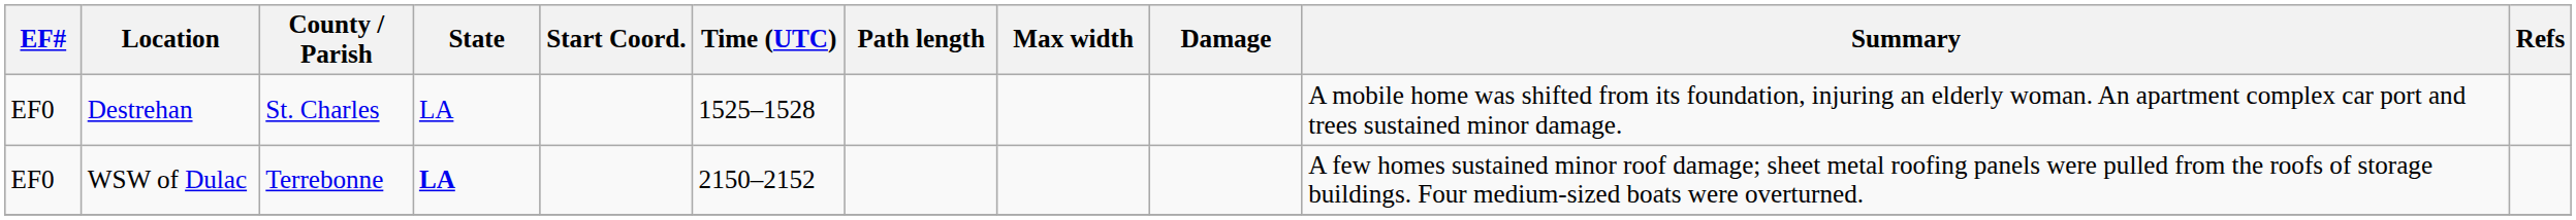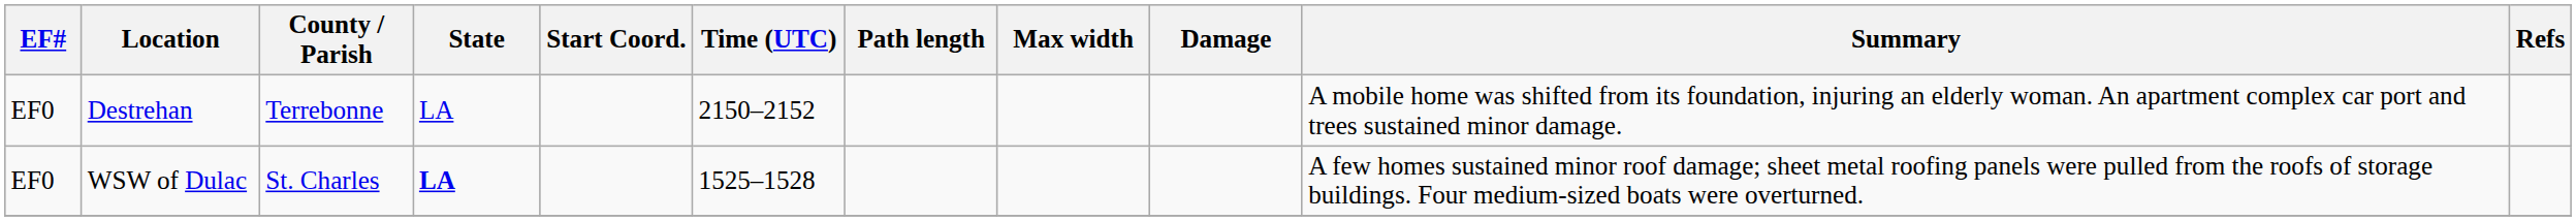 <table class="wikitable sortable" style="width:100%;">
 <tr>
 <th scope="col" width="3%" align="center"><a href='#'>EF#</a></th>
 <th scope="col" width="7%" align="center" class="unsortable">Location</th>
 <th scope="col" width="6%" align="center" class="unsortable">County / Parish</th>
 <th scope="col" width="5%" align="center">State</th>
 <th scope="col" width="6%" align="center">Start Coord.</th>
 <th scope="col" width="6%" align="center">Time (<a href='#'>UTC</a>)</th>
 <th scope="col" width="6%" align="center">Path length</th>
 <th scope="col" width="6%" align="center">Max width</th>
 <th scope="col" width="6%" align="center">Damage</th>
 <th scope="col" width="48%" class="unsortable" align="center">Summary</th>
 <th scope="col" width="48%" class="unsortable" align="center">Refs</th>
 </tr>
 <tr>
 <td>EF0</td>
 <td><a href='#'>Destrehan</a></td>
-<td><a href='#'>St. Charles</a></td>
+<td><a href='#'>Terrebonne</a></td>
 <td><a href='#'>LA</a></td>
 <td></td>
-<td>1525–1528</td>
+<td>2150–2152</td>
 <td></td>
 <td></td>
 <td></td>
 <td>A mobile home was shifted from its foundation, injuring an elderly woman. An apartment complex car port and trees sustained minor damage.</td>
 <td></td>
 </tr>
 <tr>
 <td>EF0</td>
 <td>WSW of <a href='#'>Dulac</a></td>
-<td><a href='#'>Terrebonne</a></td>
+<td><a href='#'>St. Charles</a></td>
 <td><strong><a href='#'>LA</a></strong></td>
 <td></td>
-<td>2150–2152</td>
+<td>1525–1528</td>
 <td></td>
 <td></td>
 <td></td>
 <td>A few homes sustained minor roof damage; sheet metal roofing panels were pulled from the roofs of storage buildings. Four medium-sized boats were overturned.</td>
 <td></td>
 </tr>
 <tr>
 </tr>
 </table>
